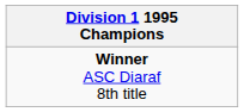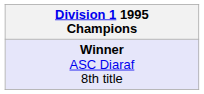 <table class="wikitable" style="margin: 0 auto; width: 240px;">
 <tr>
 <th><a href='#'>Division 1</a> 1995<br>Champions</th>
 </tr>
 <tr>
-<td align=center><strong>Winner</strong><br><a href='#'>ASC Diaraf</a><br>8th title</td>
+<td align=center style="background: lavender;"><strong>Winner</strong><br><a href='#'>ASC Diaraf</a><br>8th title</td>
 </tr>
 </table>
